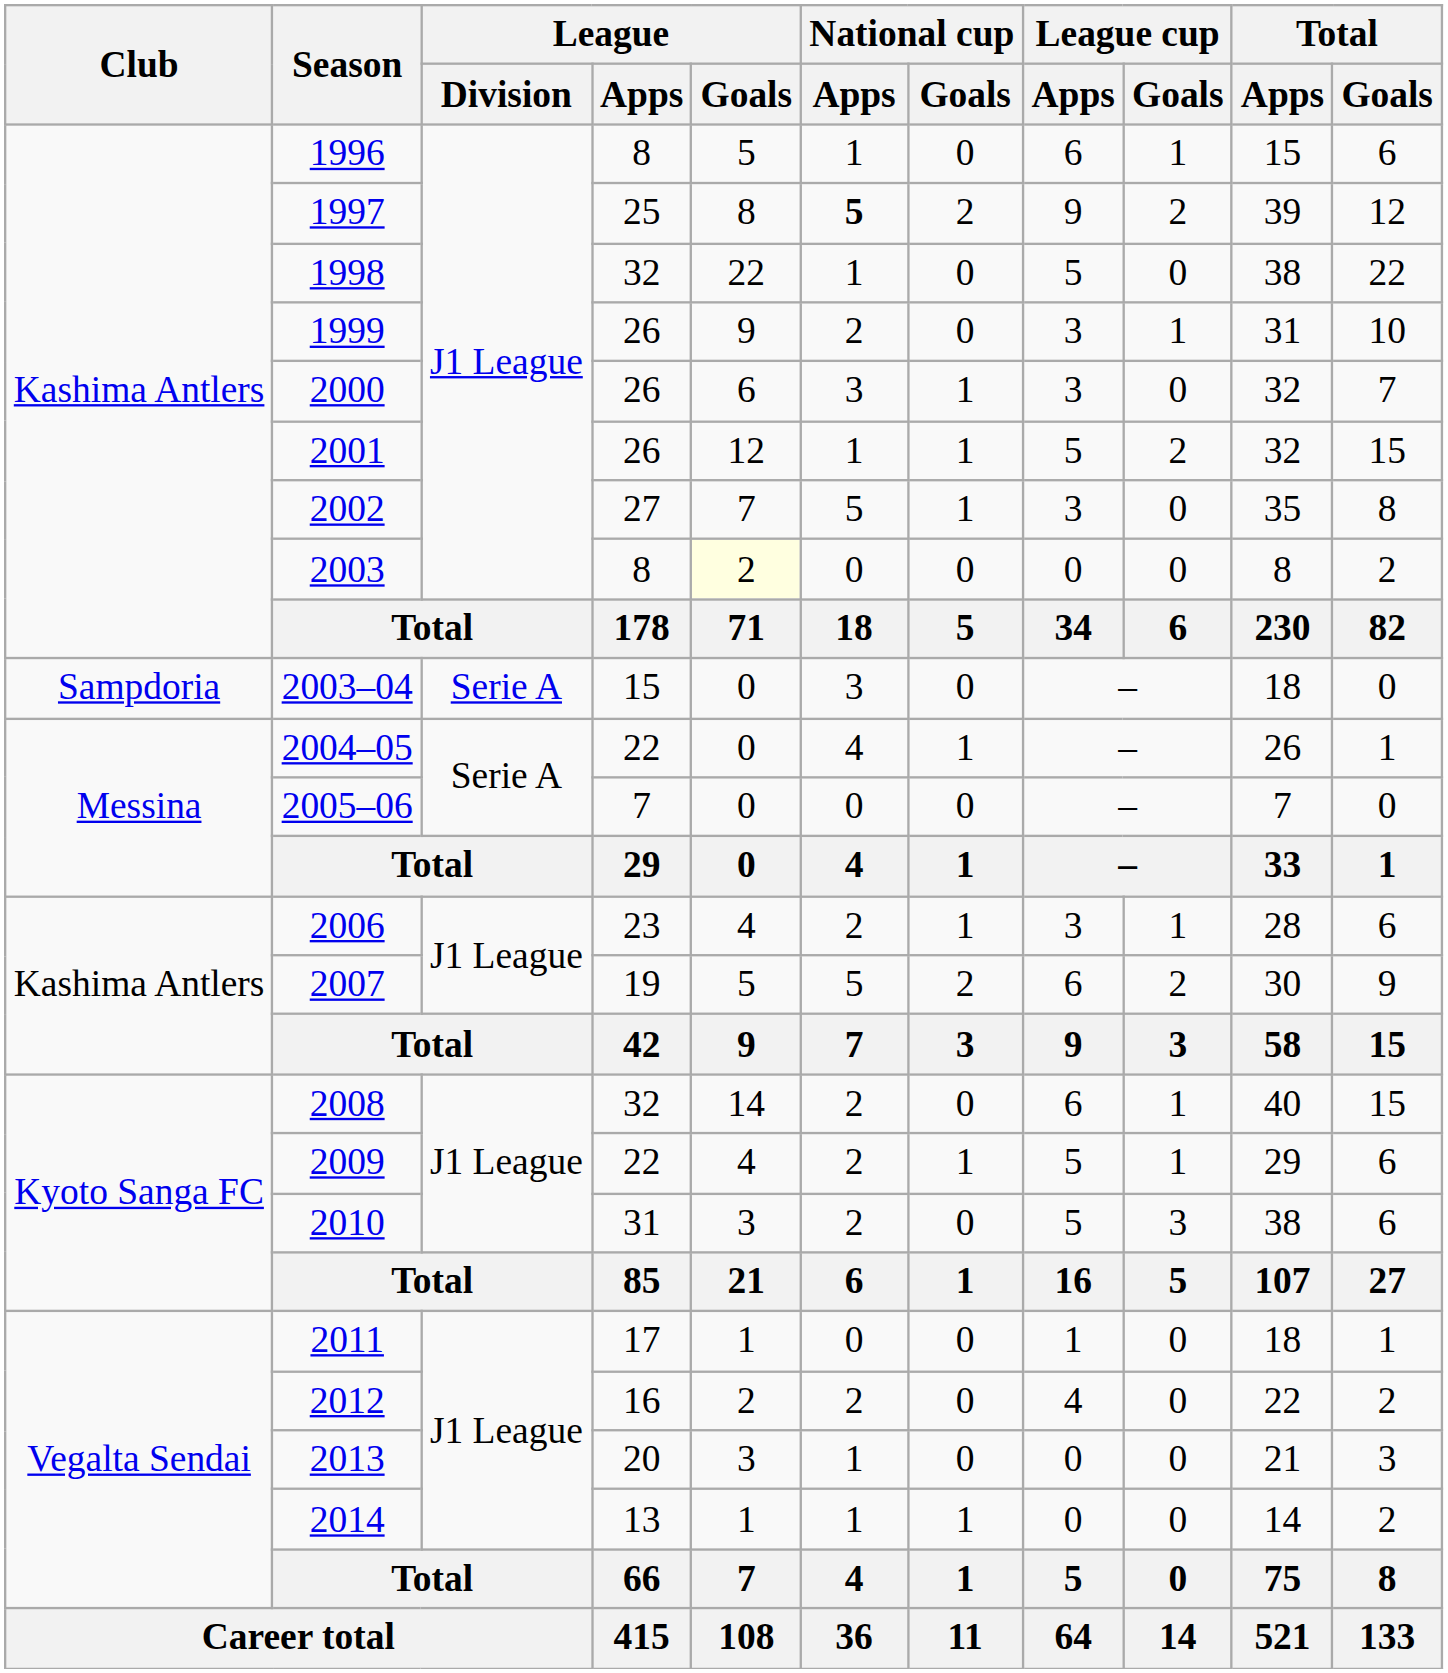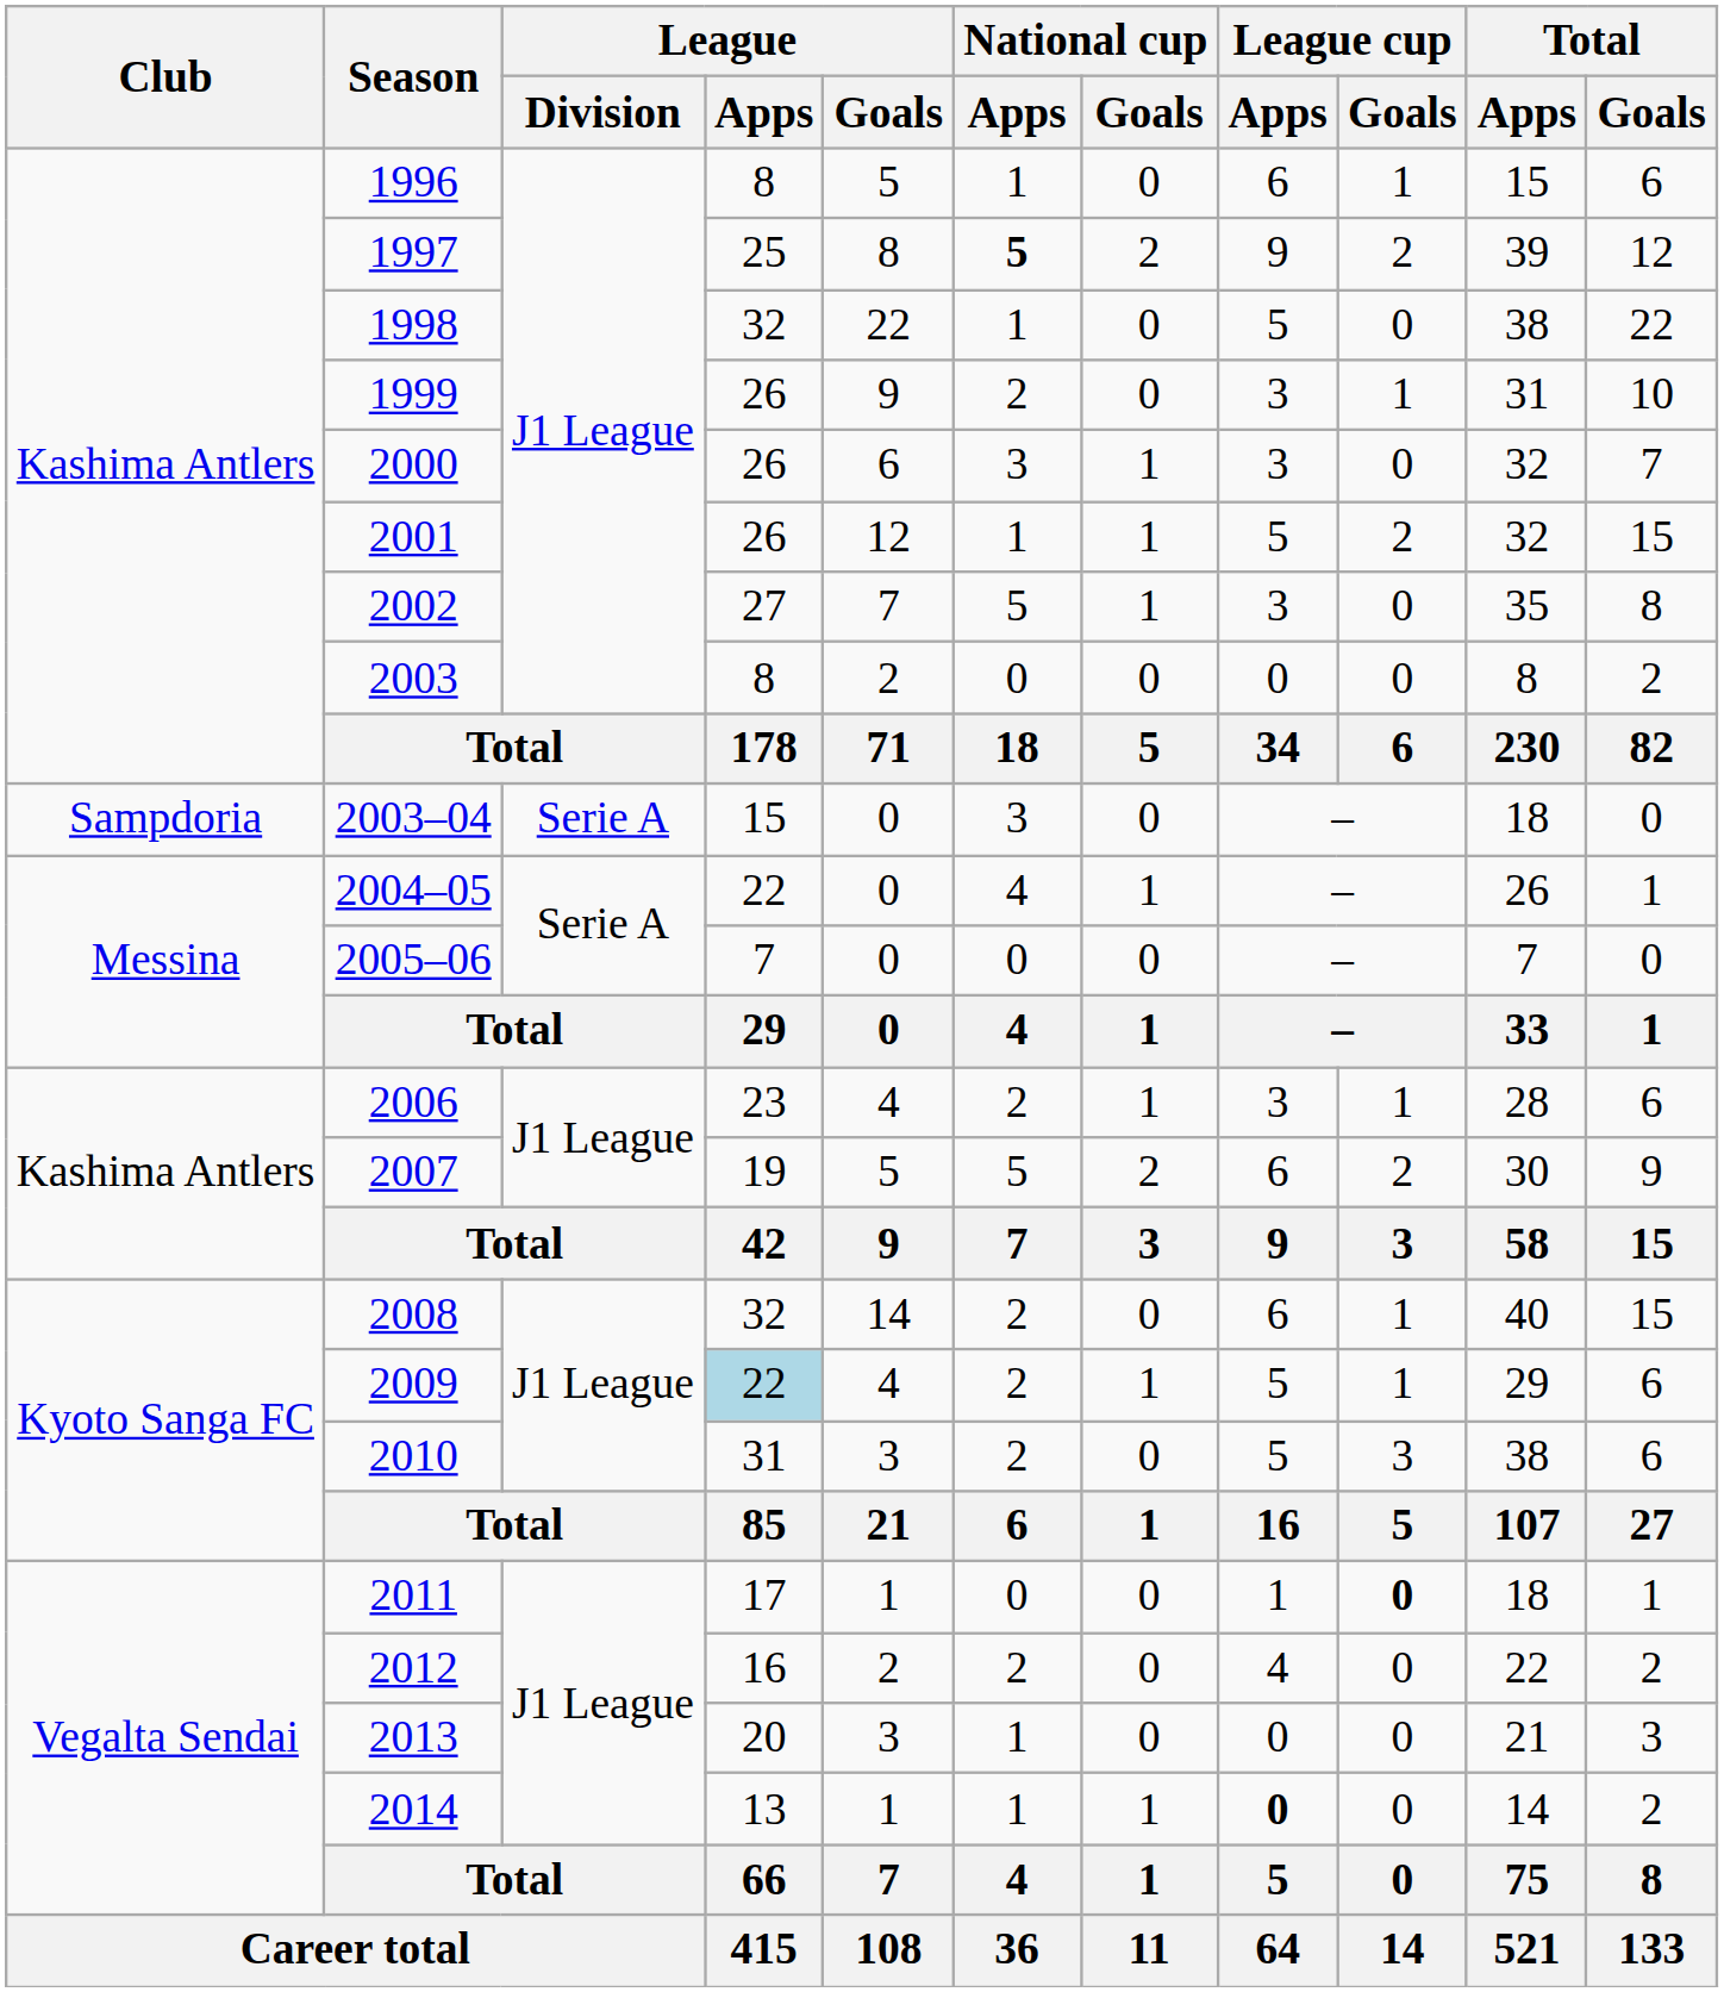 <table class="wikitable" style="text-align:center">
 <tr>
 <th rowspan="2">Club</th>
 <th rowspan="2">Season</th>
 <th colspan="3">League</th>
 <th colspan="2">National cup</th>
 <th colspan="2">League cup</th>
 <th colspan="2">Total</th>
 </tr>
 <tr>
 <th>Division</th>
 <th>Apps</th>
 <th>Goals</th>
 <th>Apps</th>
 <th>Goals</th>
 <th>Apps</th>
 <th>Goals</th>
 <th>Apps</th>
 <th>Goals</th>
 </tr>
 <tr>
 <td rowspan="9"><a href='#'>Kashima Antlers</a></td>
 <td><a href='#'>1996</a></td>
 <td rowspan="8"><a href='#'>J1 League</a></td>
 <td>8</td>
 <td>5</td>
 <td>1</td>
 <td>0</td>
 <td>6</td>
 <td>1</td>
 <td>15</td>
 <td>6</td>
 </tr>
 <tr>
 <td><a href='#'>1997</a></td>
 <td>25</td>
 <td>8</td>
 <td><strong>5</strong></td>
 <td>2</td>
 <td>9</td>
 <td>2</td>
 <td>39</td>
 <td>12</td>
 </tr>
 <tr>
 <td><a href='#'>1998</a></td>
 <td>32</td>
 <td>22</td>
 <td>1</td>
 <td>0</td>
 <td>5</td>
 <td>0</td>
 <td>38</td>
 <td>22</td>
 </tr>
 <tr>
 <td><a href='#'>1999</a></td>
 <td>26</td>
 <td>9</td>
 <td>2</td>
 <td>0</td>
 <td>3</td>
 <td>1</td>
 <td>31</td>
 <td>10</td>
 </tr>
 <tr>
 <td><a href='#'>2000</a></td>
 <td>26</td>
 <td>6</td>
 <td>3</td>
 <td>1</td>
 <td>3</td>
 <td>0</td>
 <td>32</td>
 <td>7</td>
 </tr>
 <tr>
 <td><a href='#'>2001</a></td>
 <td>26</td>
 <td>12</td>
 <td>1</td>
 <td>1</td>
 <td>5</td>
 <td>2</td>
 <td>32</td>
 <td>15</td>
 </tr>
 <tr>
 <td><a href='#'>2002</a></td>
 <td>27</td>
 <td>7</td>
 <td>5</td>
 <td>1</td>
 <td>3</td>
 <td>0</td>
 <td>35</td>
 <td>8</td>
 </tr>
 <tr>
 <td><a href='#'>2003</a></td>
 <td>8</td>
-<td style="background: lightyellow;">2</td>
+<td>2</td>
 <td>0</td>
 <td>0</td>
 <td>0</td>
 <td>0</td>
 <td>8</td>
 <td>2</td>
 </tr>
 <tr>
 <th colspan="2">Total</th>
 <th>178</th>
 <th>71</th>
 <th>18</th>
 <th>5</th>
 <th>34</th>
 <th>6</th>
 <th>230</th>
 <th>82</th>
 </tr>
 <tr>
 <td><a href='#'>Sampdoria</a></td>
 <td><a href='#'>2003–04</a></td>
 <td><a href='#'>Serie A</a></td>
 <td>15</td>
 <td>0</td>
 <td>3</td>
 <td>0</td>
 <td colspan="2">–</td>
 <td>18</td>
 <td>0</td>
 </tr>
 <tr>
 <td rowspan="3"><a href='#'>Messina</a></td>
 <td><a href='#'>2004–05</a></td>
 <td rowspan="2">Serie A</td>
 <td>22</td>
 <td>0</td>
 <td>4</td>
 <td>1</td>
 <td colspan="2">–</td>
 <td>26</td>
 <td>1</td>
 </tr>
 <tr>
 <td><a href='#'>2005–06</a></td>
 <td>7</td>
 <td>0</td>
 <td>0</td>
 <td>0</td>
 <td colspan="2">–</td>
 <td>7</td>
 <td>0</td>
 </tr>
 <tr>
 <th colspan="2">Total</th>
 <th>29</th>
 <th>0</th>
 <th>4</th>
 <th>1</th>
 <th colspan="2">–</th>
 <th>33</th>
 <th>1</th>
 </tr>
 <tr>
 <td rowspan="3">Kashima Antlers</td>
 <td><a href='#'>2006</a></td>
 <td rowspan="2">J1 League</td>
 <td>23</td>
 <td>4</td>
 <td>2</td>
 <td>1</td>
 <td>3</td>
 <td>1</td>
 <td>28</td>
 <td>6</td>
 </tr>
 <tr>
 <td><a href='#'>2007</a></td>
 <td>19</td>
 <td>5</td>
 <td>5</td>
 <td>2</td>
 <td>6</td>
 <td>2</td>
 <td>30</td>
 <td>9</td>
 </tr>
 <tr>
 <th colspan="2">Total</th>
 <th>42</th>
 <th>9</th>
 <th>7</th>
 <th>3</th>
 <th>9</th>
 <th>3</th>
 <th>58</th>
 <th>15</th>
 </tr>
 <tr>
 <td rowspan="4"><a href='#'>Kyoto Sanga FC</a></td>
 <td><a href='#'>2008</a></td>
 <td rowspan="3">J1 League</td>
 <td>32</td>
 <td>14</td>
 <td>2</td>
 <td>0</td>
 <td>6</td>
 <td>1</td>
 <td>40</td>
 <td>15</td>
 </tr>
 <tr>
 <td><a href='#'>2009</a></td>
-<td>22</td>
+<td style="background: lightblue;">22</td>
 <td>4</td>
 <td>2</td>
 <td>1</td>
 <td>5</td>
 <td>1</td>
 <td>29</td>
 <td>6</td>
 </tr>
 <tr>
 <td><a href='#'>2010</a></td>
 <td>31</td>
 <td>3</td>
 <td>2</td>
 <td>0</td>
 <td>5</td>
 <td>3</td>
 <td>38</td>
 <td>6</td>
 </tr>
 <tr>
 <th colspan="2">Total</th>
 <th>85</th>
 <th>21</th>
 <th>6</th>
 <th>1</th>
 <th>16</th>
 <th>5</th>
 <th>107</th>
 <th>27</th>
 </tr>
 <tr>
 <td rowspan="5"><a href='#'>Vegalta Sendai</a></td>
 <td><a href='#'>2011</a></td>
 <td rowspan="4">J1 League</td>
 <td>17</td>
 <td>1</td>
 <td>0</td>
 <td>0</td>
 <td>1</td>
-<td>0</td>
+<td><strong>0</strong></td>
 <td>18</td>
 <td>1</td>
 </tr>
 <tr>
 <td><a href='#'>2012</a></td>
 <td>16</td>
 <td>2</td>
 <td>2</td>
 <td>0</td>
 <td>4</td>
 <td>0</td>
 <td>22</td>
 <td>2</td>
 </tr>
 <tr>
 <td><a href='#'>2013</a></td>
 <td>20</td>
 <td>3</td>
 <td>1</td>
 <td>0</td>
 <td>0</td>
 <td>0</td>
 <td>21</td>
 <td>3</td>
 </tr>
 <tr>
 <td><a href='#'>2014</a></td>
 <td>13</td>
 <td>1</td>
 <td>1</td>
 <td>1</td>
-<td>0</td>
+<td><strong>0</strong></td>
 <td>0</td>
 <td>14</td>
 <td>2</td>
 </tr>
 <tr>
 <th colspan="2">Total</th>
 <th>66</th>
 <th>7</th>
 <th>4</th>
 <th>1</th>
 <th>5</th>
 <th>0</th>
 <th>75</th>
 <th>8</th>
 </tr>
 <tr>
 <th colspan="3">Career total</th>
 <th>415</th>
 <th>108</th>
 <th>36</th>
 <th>11</th>
 <th>64</th>
 <th>14</th>
 <th>521</th>
 <th>133</th>
 </tr>
 </table>
